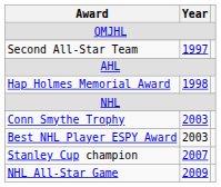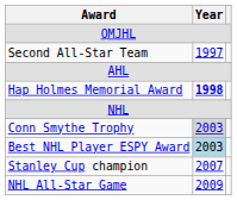 <table class="wikitable">
 <tr>
 <th>Award</th>
 <th>Year</th>
 <th></th>
 </tr>
 <tr ALIGN="center" bgcolor="#e0e0e0">
 <td colspan="3"><a href='#'>QMJHL</a></td>
 </tr>
 <tr>
 <td>Second All-Star Team</td>
 <td><a href='#'>1997</a></td>
 <td></td>
 </tr>
 <tr ALIGN="center" bgcolor="#e0e0e0">
 <td colspan="3"><a href='#'>AHL</a></td>
 </tr>
 <tr>
 <td><a href='#'>Hap Holmes Memorial Award</a></td>
-<td><a href='#'>1998</a></td>
+<td><strong><a href='#'>1998</a></strong></td>
 <td></td>
 </tr>
 <tr ALIGN="center" bgcolor="#e0e0e0">
 <td colspan="3"><a href='#'>NHL</a></td>
 </tr>
 <tr>
 <td><a href='#'>Conn Smythe Trophy</a></td>
-<td><a href='#'>2003</a></td>
+<td style="background: lightgrey;"><a href='#'>2003</a></td>
 <td></td>
 </tr>
 <tr>
 <td><a href='#'>Best NHL Player ESPY Award</a></td>
-<td>2003</td>
+<td style="background: lightblue;">2003</td>
 <td></td>
 </tr>
 <tr>
 <td><a href='#'>Stanley Cup</a> champion</td>
 <td><a href='#'>2007</a></td>
 <td></td>
 </tr>
 <tr>
 <td><a href='#'>NHL All-Star Game</a></td>
 <td><a href='#'>2009</a></td>
 <td></td>
 </tr>
 </table>
